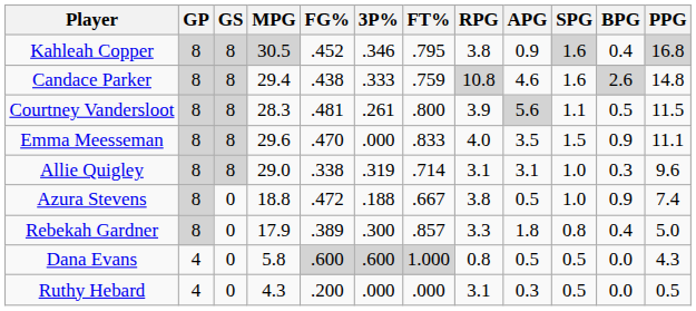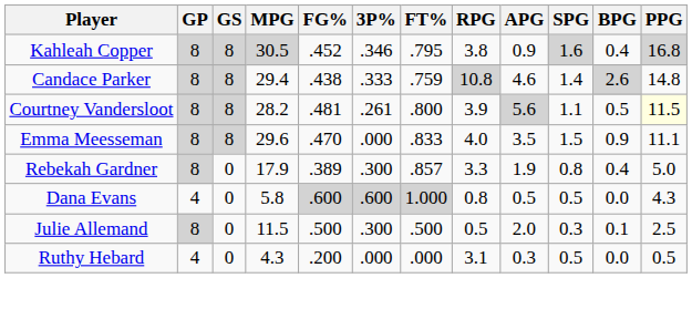 <table class="wikitable sortable" style="text-align:center">
 <tr>
 <th>Player</th>
 <th>GP</th>
 <th>GS</th>
 <th>MPG</th>
 <th>FG%</th>
 <th>3P%</th>
 <th>FT%</th>
 <th>RPG</th>
 <th>APG</th>
 <th>SPG</th>
 <th>BPG</th>
 <th>PPG</th>
 </tr>
 <tr>
 <td><a href='#'>Kahleah Copper</a></td>
 <td style="background:#D3D3D3;">8</td>
 <td style="background:#D3D3D3;">8</td>
 <td style="background:#D3D3D3;">30.5</td>
 <td>.452</td>
 <td>.346</td>
 <td>.795</td>
 <td>3.8</td>
 <td>0.9</td>
 <td style="background:#D3D3D3;">1.6</td>
 <td>0.4</td>
 <td style="background:#D3D3D3;">16.8</td>
 </tr>
 <tr>
 <td><a href='#'>Candace Parker</a></td>
 <td style="background:#D3D3D3;">8</td>
 <td style="background:#D3D3D3;">8</td>
 <td>29.4</td>
 <td>.438</td>
 <td>.333</td>
 <td>.759</td>
 <td style="background:#D3D3D3;">10.8</td>
 <td>4.6</td>
-<td>1.6</td>
+<td>1.4</td>
 <td style="background:#D3D3D3;">2.6</td>
 <td>14.8</td>
 </tr>
 <tr>
 <td><a href='#'>Courtney Vandersloot</a></td>
 <td style="background:#D3D3D3;">8</td>
 <td style="background:#D3D3D3;">8</td>
-<td>28.3</td>
+<td>28.2</td>
 <td>.481</td>
 <td>.261</td>
 <td>.800</td>
 <td>3.9</td>
 <td style="background:#D3D3D3;">5.6</td>
 <td>1.1</td>
 <td>0.5</td>
-<td>11.5</td>
+<td style="background: lightyellow;">11.5</td>
 </tr>
 <tr>
 <td><a href='#'>Emma Meesseman</a></td>
 <td style="background:#D3D3D3;">8</td>
 <td style="background:#D3D3D3;">8</td>
 <td>29.6</td>
 <td>.470</td>
 <td>.000</td>
 <td>.833</td>
 <td>4.0</td>
 <td>3.5</td>
 <td>1.5</td>
 <td>0.9</td>
 <td>11.1</td>
 </tr>
 <tr>
-<td><a href='#'>Allie Quigley</a></td>
-<td style="background:#D3D3D3;">8</td>
-<td style="background:#D3D3D3;">8</td>
-<td>29.0</td>
-<td>.338</td>
-<td>.319</td>
-<td>.714</td>
-<td>3.1</td>
-<td>3.1</td>
-<td>1.0</td>
-<td>0.3</td>
-<td>9.6</td>
-</tr>
-<tr>
-<td><a href='#'>Azura Stevens</a></td>
-<td style="background:#D3D3D3;">8</td>
-<td>0</td>
-<td>18.8</td>
-<td>.472</td>
-<td>.188</td>
-<td>.667</td>
-<td>3.8</td>
-<td>0.5</td>
-<td>1.0</td>
-<td>0.9</td>
-<td>7.4</td>
-</tr>
-<tr>
 <td><a href='#'>Rebekah Gardner</a></td>
 <td style="background:#D3D3D3;">8</td>
 <td>0</td>
 <td>17.9</td>
 <td>.389</td>
 <td>.300</td>
 <td>.857</td>
 <td>3.3</td>
-<td>1.8</td>
+<td>1.9</td>
 <td>0.8</td>
 <td>0.4</td>
 <td>5.0</td>
 </tr>
 <tr>
 <td><a href='#'>Dana Evans</a></td>
 <td>4</td>
 <td>0</td>
 <td>5.8</td>
 <td style="background:#D3D3D3;">.600</td>
 <td style="background:#D3D3D3;">.600</td>
 <td style="background:#D3D3D3;">1.000</td>
 <td>0.8</td>
 <td>0.5</td>
 <td>0.5</td>
 <td>0.0</td>
 <td>4.3</td>
 </tr>
 <tr>
+<td><a href='#'>Julie Allemand</a></td>
+<td style="background:#D3D3D3;">8</td>
+<td>0</td>
+<td>11.5</td>
+<td>.500</td>
+<td>.300</td>
+<td>.500</td>
+<td>0.5</td>
+<td>2.0</td>
+<td>0.3</td>
+<td>0.1</td>
+<td>2.5</td>
+</tr>
+<tr>
 <td><a href='#'>Ruthy Hebard</a></td>
 <td>4</td>
 <td>0</td>
 <td>4.3</td>
 <td>.200</td>
 <td>.000</td>
 <td>.000</td>
 <td>3.1</td>
 <td>0.3</td>
 <td>0.5</td>
 <td>0.0</td>
 <td>0.5</td>
 </tr>
 </table>
